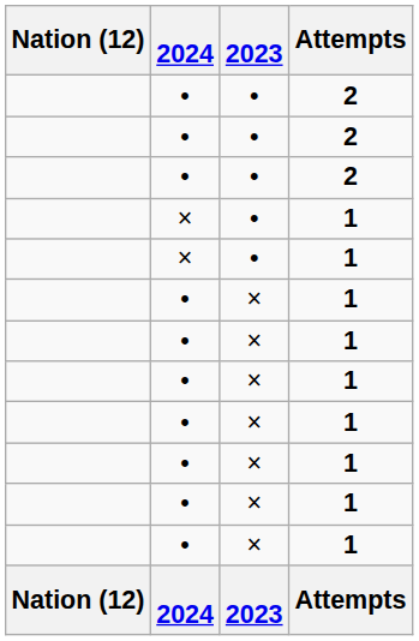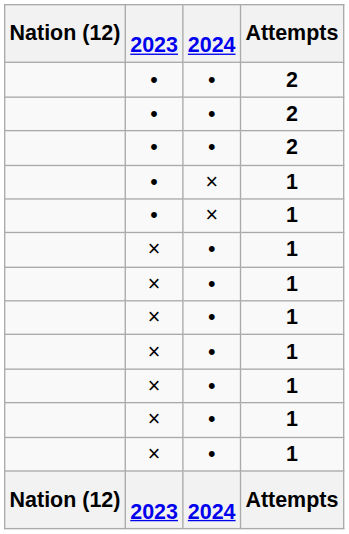 <table class="wikitable sortable" style="text-align: center">
 <tr>
 <th>Nation (12)</th>
+<th class="unsortable"><br><a href='#'>2023</a></th>
 <th class="unsortable"><br><a href='#'>2024</a></th>
-<th class="unsortable"><br><a href='#'>2023</a></th>
 <th>Attempts</th>
 </tr>
 <tr>
 <td align="left"></td>
 <td>•</td>
 <td>•</td>
 <td><strong>2</strong></td>
 </tr>
 <tr>
 <td align="left"></td>
 <td>•</td>
 <td>•</td>
 <td><strong>2</strong></td>
 </tr>
 <tr>
 <td align="left"></td>
 <td>•</td>
 <td>•</td>
 <td><strong>2</strong></td>
 </tr>
 <tr>
 <td align="left"></td>
+<td>•</td>
+<td>×</td>
+<td><strong>1</strong></td>
+</tr>
+<tr>
+<td align="left"></td>
+<td>•</td>
+<td>×</td>
+<td><strong>1</strong></td>
+</tr>
+<tr>
+<td align="left"></td>
 <td>×</td>
 <td>•</td>
 <td><strong>1</strong></td>
 </tr>
 <tr>
 <td align="left"></td>
 <td>×</td>
 <td>•</td>
 <td><strong>1</strong></td>
 </tr>
 <tr>
 <td align="left"></td>
+<td>×</td>
 <td>•</td>
-<td>×</td>
 <td><strong>1</strong></td>
 </tr>
 <tr>
 <td align="left"></td>
+<td>×</td>
 <td>•</td>
-<td>×</td>
 <td><strong>1</strong></td>
 </tr>
 <tr>
 <td align="left"></td>
+<td>×</td>
 <td>•</td>
-<td>×</td>
 <td><strong>1</strong></td>
 </tr>
 <tr>
 <td align="left"></td>
+<td>×</td>
 <td>•</td>
-<td>×</td>
 <td><strong>1</strong></td>
 </tr>
 <tr>
 <td align="left"></td>
+<td>×</td>
 <td>•</td>
-<td>×</td>
-<td><strong>1</strong></td>
-</tr>
-<tr>
-<td align="left"></td>
-<td>•</td>
-<td>×</td>
-<td><strong>1</strong></td>
-</tr>
-<tr>
-<td align="left"></td>
-<td>•</td>
-<td>×</td>
 <td><strong>1</strong></td>
 </tr>
 <tr>
 <th>Nation (12)</th>
+<th class="unsortable"><br><a href='#'>2023</a></th>
 <th class="unsortable"><br><a href='#'>2024</a></th>
-<th class="unsortable"><br><a href='#'>2023</a></th>
 <th>Attempts</th>
 </tr>
 </table>
